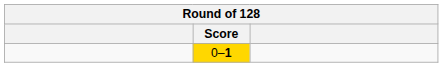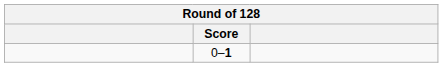 <table class="wikitable" style="text-align: center; font-size:90% ">
 <tr>
 <th colspan=3>Round of 128</th>
 </tr>
 <tr>
 <th width=215></th>
 <th width=60>Score</th>
 <th width=215></th>
 </tr>
 <tr>
 <td align=left></td>
-<td style="background: gold;">0–<strong>1</strong></td>
+<td>0–<strong>1</strong></td>
 <td align=left><strong></strong></td>
 </tr>
 </table>
